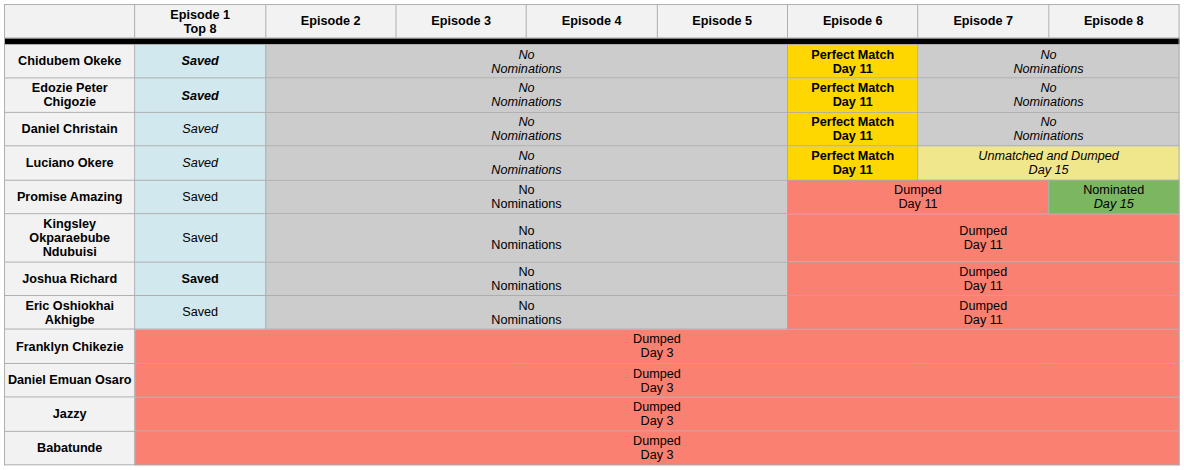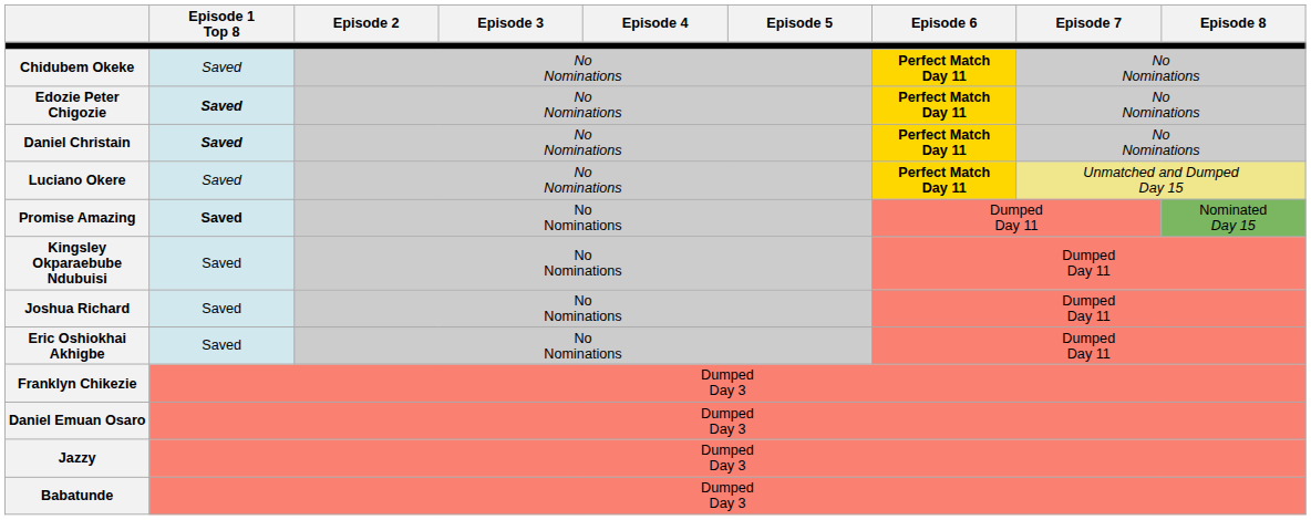 <table class="wikitable" style="text-align:center; width:100%; font-size:85%; line-height:15px;">
 <tr>
 <th style="width:8%"></th>
 <th style="width:8%">Episode 1<br>Top 8</th>
 <th style="width:8%">Episode 2</th>
 <th style="width:8%">Episode 3</th>
 <th style="width:8%">Episode 4</th>
 <th style="width:8%">Episode 5</th>
 <th style="width:8%">Episode 6</th>
 <th style="width:8%">Episode 7</th>
 <th style="width:8%">Episode 8</th>
 </tr>
 <tr>
 <th style="background:#000" colspan="12"></th>
 </tr>
 <tr>
 <th>Chidubem Okeke</th>
-<td style="background:#D1E8EF"><strong><em>Saved</em></strong></td>
+<td style="background:#D1E8EF"><em>Saved</em></td>
 <td style="background:#CCC" colspan="4"><em>No<br>Nominations</em></td>
 <td style="background:gold;"><strong>Perfect Match<br>Day 11</strong></td>
 <td style="background:#CCC" colspan="2"><em>No<br>Nominations</em></td>
 </tr>
 <tr>
 <th>Edozie Peter Chigozie</th>
 <td style="background:#D1E8EF"><strong><em>Saved</em></strong></td>
 <td style="background:#CCC" colspan="4"><em>No<br>Nominations</em></td>
 <td style="background:gold;"><strong>Perfect Match<br>Day 11</strong></td>
 <td style="background:#CCC" colspan="2"><em>No<br>Nominations</em></td>
 </tr>
 <tr>
 <th>Daniel Christain</th>
-<td style="background:#D1E8EF"><em>Saved</em></td>
+<td style="background:#D1E8EF"><strong><em>Saved</em></strong></td>
 <td style="background:#CCC" colspan="4"><em>No<br>Nominations</em></td>
 <td style="background:gold;"><strong>Perfect Match<br>Day 11</strong></td>
 <td style="background:#CCC" colspan="2"><em>No<br>Nominations</em></td>
 </tr>
 <tr>
 <th>Luciano Okere</th>
 <td style="background:#D1E8EF"><em>Saved</em></td>
 <td style="background:#CCC" colspan="4"><em>No<br>Nominations</em></td>
 <td style="background:gold;"><strong>Perfect Match<br>Day 11</strong></td>
 <td style="background:khaki"  colspan="2"><em>Unmatched and Dumped<br>Day 15</td>
 </tr>
 <tr>
 <th>Promise Amazing</th>
-<td style="background:#D1E8EF"></em>Saved<em></td>
+<td style="background:#D1E8EF"><strong></em>Saved<em></strong></td>
 <td style="background:#CCC" colspan="4"></em>No<br>Nominations<em></td>
 <td style="background:#FA8072"  colspan="2"></em>Dumped<br>Day 11<em></td>
 <td style="background:#7BB661"  colspan="1"></em>Nominated<em><br>Day 15</td>
 </tr>
 <tr>
 <th>Kingsley Okparaebube Ndubuisi</th>
 <td style="background:#D1E8EF"></em>Saved<em></td>
 <td style="background:#CCC" colspan="4"></em>No<br>Nominations<em></td>
 <td style="background:#FA8072"  colspan="3"></em>Dumped<br>Day 11<em></td>
 </tr>
 <tr>
 <th>Joshua Richard</th>
-<td style="background:#D1E8EF"><strong></em>Saved<em></strong></td>
+<td style="background:#D1E8EF"></em>Saved<em></td>
 <td style="background:#CCC" colspan="4"></em>No<br>Nominations<em></td>
 <td style="background:#FA8072"  colspan="3"></em>Dumped<br>Day 11<em></td>
 </tr>
 <tr>
 <th>Eric Oshiokhai Akhigbe</th>
 <td style="background:#D1E8EF"></em>Saved<em></td>
 <td style="background:#CCC" colspan="4"></em>No<br>Nominations<em></td>
 <td style="background:#FA8072"  colspan="3"></em>Dumped<br>Day 11<em></td>
 </tr>
 <tr>
 <th>Franklyn Chikezie</th>
 <td style="background:#FA8072"  colspan="8"></em>Dumped<br>Day 3<em></td>
 </tr>
 <tr>
 <th>Daniel Emuan Osaro</th>
 <td style="background:#FA8072"  colspan="8"></em>Dumped<br>Day 3<em></td>
 </tr>
 <tr>
 <th>Jazzy</th>
 <td style="background:#FA8072"  colspan="8"></em>Dumped<br>Day 3<em></td>
 </tr>
 <tr>
 <th>Babatunde</th>
 <td style="background:#FA8072"  colspan="8"></em>Dumped<br>Day 3<em></td>
 </tr>
 </table>
